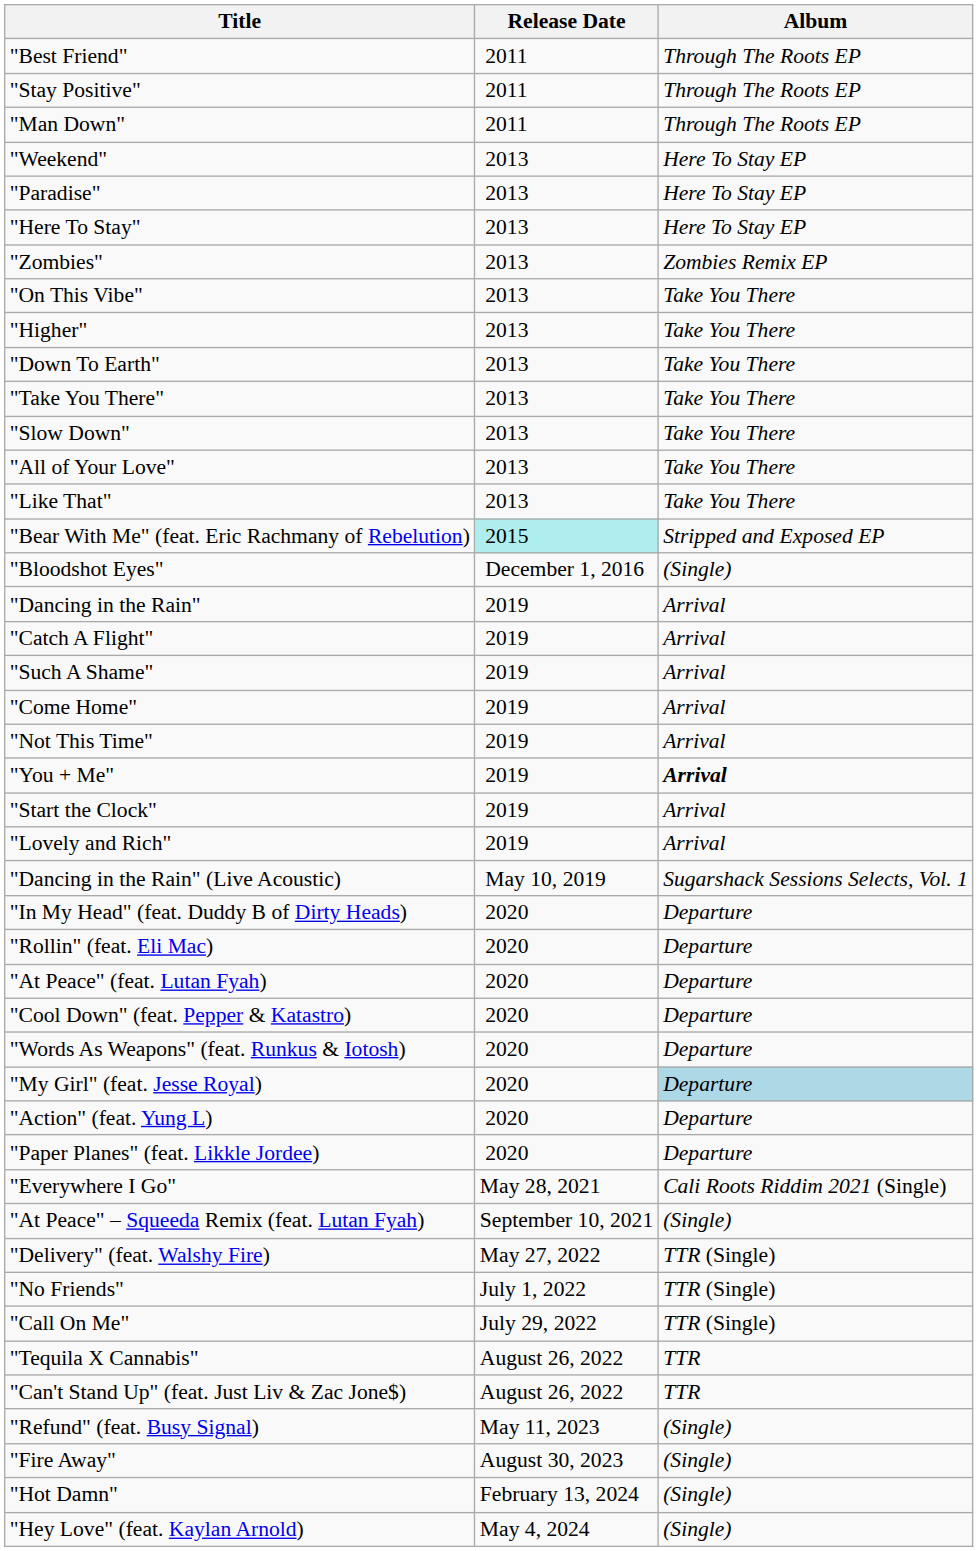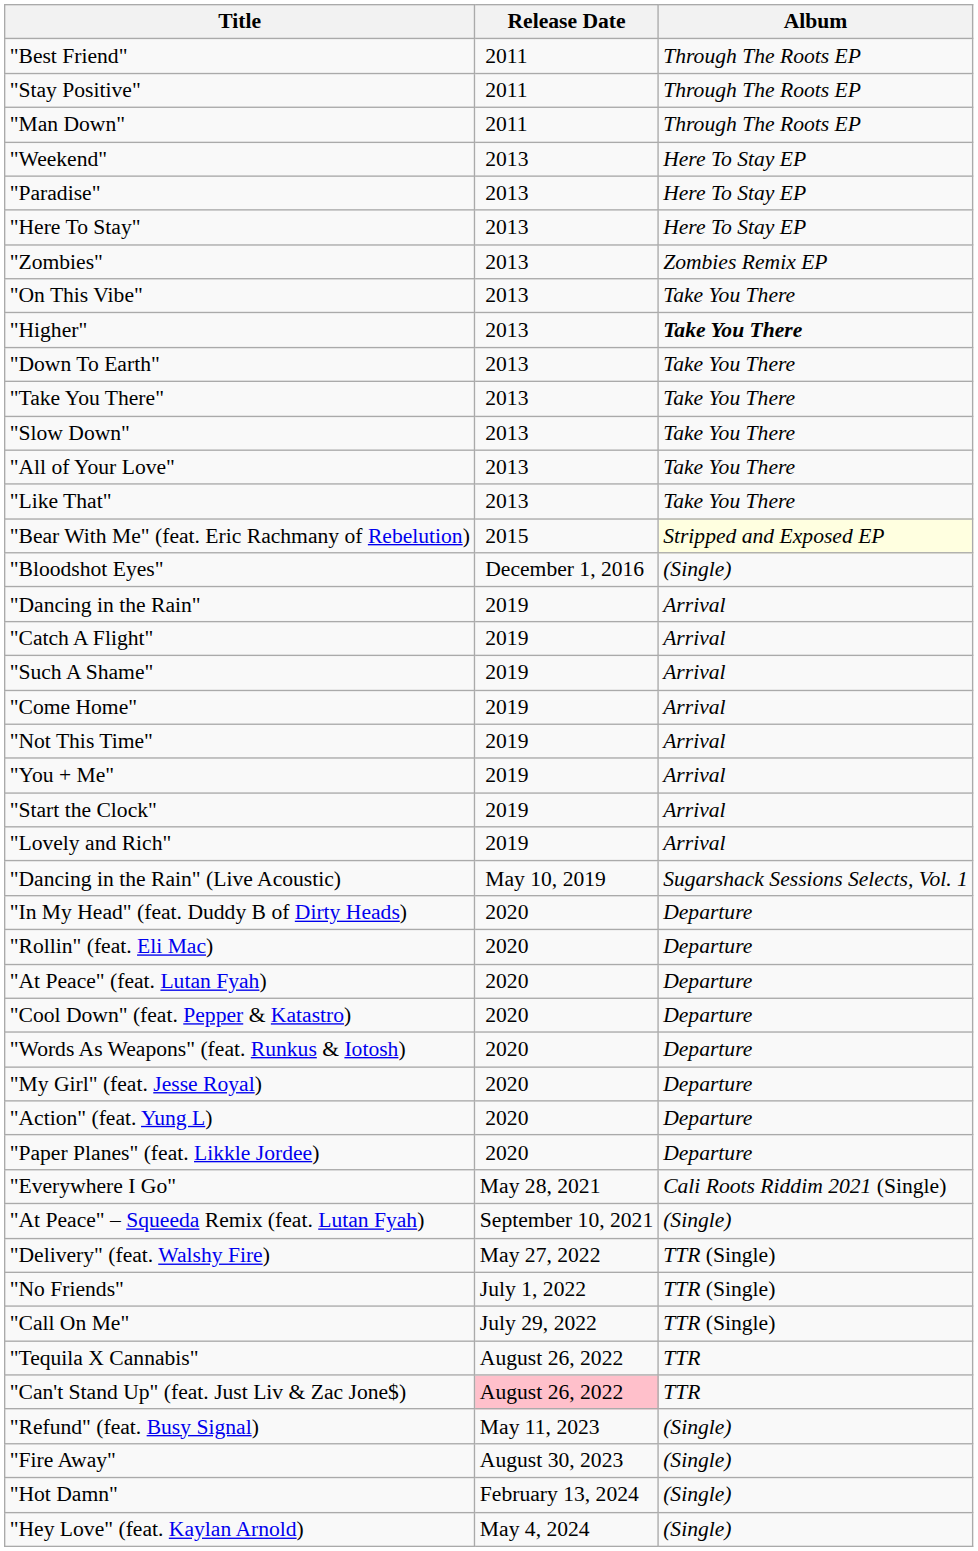 <table class="wikitable">
 <tr>
 <th>Title</th>
 <th>Release Date</th>
 <th>Album</th>
 </tr>
 <tr>
 <td>"Best Friend"</td>
 <td> 2011</td>
 <td><em>Through The Roots EP</em></td>
 </tr>
 <tr>
 <td>"Stay Positive"</td>
 <td> 2011</td>
 <td><em>Through The Roots EP</em></td>
 </tr>
 <tr>
 <td>"Man Down"</td>
 <td> 2011</td>
 <td><em>Through The Roots EP</em></td>
 </tr>
 <tr>
 <td>"Weekend"</td>
 <td> 2013</td>
 <td><em>Here To Stay EP</em></td>
 </tr>
 <tr>
 <td>"Paradise"</td>
 <td> 2013</td>
 <td><em>Here To Stay EP</em></td>
 </tr>
 <tr>
 <td>"Here To Stay"</td>
 <td> 2013</td>
 <td><em>Here To Stay EP</em></td>
 </tr>
 <tr>
 <td>"Zombies"</td>
 <td> 2013</td>
 <td><em>Zombies Remix EP</em></td>
 </tr>
 <tr>
 <td>"On This Vibe"</td>
 <td> 2013</td>
 <td><em>Take You There</em></td>
 </tr>
 <tr>
 <td>"Higher"</td>
 <td> 2013</td>
-<td><em>Take You There</em></td>
+<td><strong><em>Take You There</em></strong></td>
 </tr>
 <tr>
 <td>"Down To Earth"</td>
 <td> 2013</td>
 <td><em>Take You There</em></td>
 </tr>
 <tr>
 <td>"Take You There"</td>
 <td> 2013</td>
 <td><em>Take You There</em></td>
 </tr>
 <tr>
 <td>"Slow Down"</td>
 <td> 2013</td>
 <td><em>Take You There</em></td>
 </tr>
 <tr>
 <td>"All of Your Love"</td>
 <td> 2013</td>
 <td><em>Take You There</em></td>
 </tr>
 <tr>
 <td>"Like That"</td>
 <td> 2013</td>
 <td><em>Take You There</em></td>
 </tr>
 <tr>
 <td>"Bear With Me" (feat. Eric Rachmany of <a href='#'>Rebelution</a>)</td>
-<td style="background: paleturquoise;"> 2015</td>
-<td><em>Stripped and Exposed EP</em></td>
+<td> 2015</td>
+<td style="background: lightyellow;"><em>Stripped and Exposed EP</em></td>
 </tr>
 <tr>
 <td>"Bloodshot Eyes"</td>
 <td> December 1, 2016</td>
 <td><em>(Single)</em></td>
 </tr>
 <tr>
 <td>"Dancing in the Rain"</td>
 <td> 2019</td>
 <td><em>Arrival</em></td>
 </tr>
 <tr>
 <td>"Catch A Flight"</td>
 <td> 2019</td>
 <td><em>Arrival</em></td>
 </tr>
 <tr>
 <td>"Such A Shame"</td>
 <td> 2019</td>
 <td><em>Arrival</em></td>
 </tr>
 <tr>
 <td>"Come Home"</td>
 <td> 2019</td>
 <td><em>Arrival</em></td>
 </tr>
 <tr>
 <td>"Not This Time"</td>
 <td> 2019</td>
 <td><em>Arrival</em></td>
 </tr>
 <tr>
 <td>"You + Me"</td>
 <td> 2019</td>
-<td><strong><em>Arrival</em></strong></td>
+<td><em>Arrival</em></td>
 </tr>
 <tr>
 <td>"Start the Clock"</td>
 <td> 2019</td>
 <td><em>Arrival</em></td>
 </tr>
 <tr>
 <td>"Lovely and Rich"</td>
 <td> 2019</td>
 <td><em>Arrival</em></td>
 </tr>
 <tr>
 <td>"Dancing in the Rain" (Live Acoustic)</td>
 <td> May 10, 2019</td>
 <td><em>Sugarshack Sessions Selects, Vol. 1</em></td>
 </tr>
 <tr>
 <td>"In My Head" (feat. Duddy B of <a href='#'>Dirty Heads</a>)</td>
 <td> 2020</td>
 <td><em>Departure</em></td>
 </tr>
 <tr>
 <td>"Rollin" (feat. <a href='#'>Eli Mac</a>)</td>
 <td> 2020</td>
 <td><em>Departure</em></td>
 </tr>
 <tr>
 <td>"At Peace" (feat. <a href='#'>Lutan Fyah</a>)</td>
 <td> 2020</td>
 <td><em>Departure</em></td>
 </tr>
 <tr>
 <td>"Cool Down" (feat. <a href='#'>Pepper</a> & <a href='#'>Katastro</a>)</td>
 <td> 2020</td>
 <td><em>Departure</em></td>
 </tr>
 <tr>
 <td>"Words As Weapons" (feat. <a href='#'>Runkus</a> & <a href='#'>Iotosh</a>)</td>
 <td> 2020</td>
 <td><em>Departure</em></td>
 </tr>
 <tr>
 <td>"My Girl" (feat. <a href='#'>Jesse Royal</a>)</td>
 <td> 2020</td>
-<td style="background: lightblue;"><em>Departure</em></td>
+<td><em>Departure</em></td>
 </tr>
 <tr>
 <td>"Action" (feat. <a href='#'>Yung L</a>)</td>
 <td> 2020</td>
 <td><em>Departure</em></td>
 </tr>
 <tr>
 <td>"Paper Planes" (feat. <a href='#'>Likkle Jordee</a>)</td>
 <td> 2020</td>
 <td><em>Departure</em></td>
 </tr>
 <tr>
 <td>"Everywhere I Go"</td>
 <td>May 28, 2021</td>
 <td><em>Cali Roots Riddim 2021</em> (Single)</td>
 </tr>
 <tr>
 <td>"At Peace" – <a href='#'>Squeeda</a> Remix (feat. <a href='#'>Lutan Fyah</a>)</td>
 <td>September 10, 2021</td>
 <td><em>(Single)</em></td>
 </tr>
 <tr>
 <td>"Delivery" (feat. <a href='#'>Walshy Fire</a>)</td>
 <td>May 27, 2022</td>
 <td><em>TTR</em> (Single)</td>
 </tr>
 <tr>
 <td>"No Friends"</td>
 <td>July 1, 2022</td>
 <td><em>TTR</em> (Single)</td>
 </tr>
 <tr>
 <td>"Call On Me"</td>
 <td>July 29, 2022</td>
 <td><em>TTR</em> (Single)</td>
 </tr>
 <tr>
 <td>"Tequila X Cannabis"</td>
 <td>August 26, 2022</td>
 <td><em>TTR</em></td>
 </tr>
 <tr>
 <td>"Can't Stand Up" (feat. Just Liv & Zac Jone$)</td>
-<td>August 26, 2022</td>
+<td style="background: pink;">August 26, 2022</td>
 <td><em>TTR</em></td>
 </tr>
 <tr>
 <td>"Refund" (feat. <a href='#'>Busy Signal</a>)</td>
 <td>May 11, 2023</td>
 <td><em>(Single)</em></td>
 </tr>
 <tr>
 <td>"Fire Away"</td>
 <td>August 30, 2023</td>
 <td><em>(Single)</em></td>
 </tr>
 <tr>
 <td>"Hot Damn"</td>
 <td>February 13, 2024</td>
 <td><em>(Single)</em></td>
 </tr>
 <tr>
 <td>"Hey Love" (feat. <a href='#'>Kaylan Arnold</a>)</td>
 <td>May 4, 2024</td>
 <td><em>(Single)</em></td>
 </tr>
 </table>
